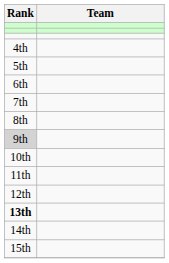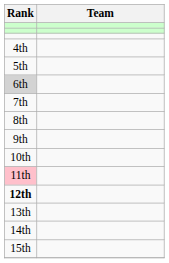 <table class=wikitable style="text-align:center;">
 <tr>
 <th>Rank</th>
 <th style="width:170px;">Team</th>
 </tr>
 <tr bgcolor=ccffcc>
 <td></td>
 <td align=left></td>
 </tr>
 <tr bgcolor=ccffcc>
 <td></td>
 <td align=left></td>
 </tr>
 <tr>
 <td></td>
 <td align=left></td>
 </tr>
 <tr>
 <td>4th</td>
 <td align=left></td>
 </tr>
 <tr>
 <td>5th</td>
 <td align=left></td>
 </tr>
 <tr>
-<td>6th</td>
+<td style="background: lightgrey;">6th</td>
 <td align=left></td>
 </tr>
 <tr>
 <td>7th</td>
 <td align=left></td>
 </tr>
 <tr>
 <td>8th</td>
 <td align=left></td>
 </tr>
 <tr>
-<td style="background: lightgrey;">9th</td>
+<td>9th</td>
 <td align=left></td>
 </tr>
 <tr>
 <td>10th</td>
 <td align=left></td>
 </tr>
 <tr>
-<td>11th</td>
+<td style="background: pink;">11th</td>
 <td align=left></td>
 </tr>
 <tr>
-<td>12th</td>
+<td><strong>12th</strong></td>
 <td align=left></td>
 </tr>
 <tr>
-<td><strong>13th</strong></td>
+<td>13th</td>
 <td align=left></td>
 </tr>
 <tr>
 <td>14th</td>
 <td align=left></td>
 </tr>
 <tr>
 <td>15th</td>
 <td align=left></td>
 </tr>
 <tr>
 </tr>
 </table>
